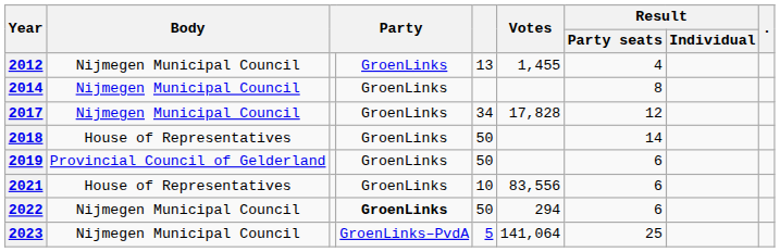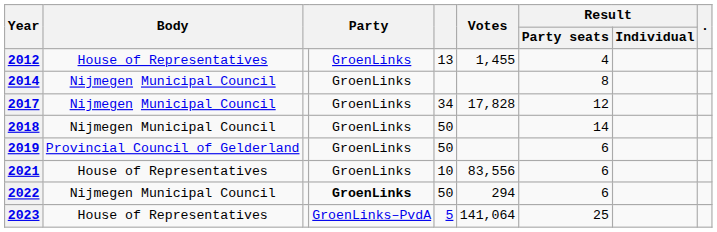 <table class="wikitable plainrowheaders sortable" border=2 cellpadding=4 cellspacing=0 style="border: 1px #aaa solid; font-size: 90%; text-align:center;">
 <tr>
 <th scope="col" rowspan=2>Year</th>
 <th scope="col" rowspan=2>Body</th>
 <th scope="col" colspan=2 rowspan=2>Party</th>
 <th scope="col" rowspan=2></th>
 <th scope="col" rowspan=2>Votes</th>
 <th scope="colgroup" colspan=2>Result</th>
 <th scope="col" rowspan=2 class="unsortable">.</th>
 </tr>
 <tr>
 <th scope="col">Party seats</th>
 <th scope="col">Individual</th>
 </tr>
 <tr>
 <th scope="row"><a href='#'>2012</a></th>
-<td>Nijmegen Municipal Council</td>
+<td><a href='#'>House of Representatives</a></td>
 <td style="background-color:"></td>
 <td><a href='#'>GroenLinks</a></td>
 <td style=text-align:right>13</td>
 <td style=text-align:right>1,455</td>
 <td style=text-align:right>4</td>
 <td></td>
 <td></td>
 </tr>
 <tr>
 <th scope="row"><a href='#'>2014</a></th>
 <td><a href='#'>Nijmegen</a> <a href='#'>Municipal Council</a></td>
 <td style="background-color:"></td>
 <td>GroenLinks</td>
 <td style=text-align:right></td>
 <td style=text-align:right></td>
 <td style=text-align:right>8</td>
 <td></td>
 <td></td>
 </tr>
 <tr>
 <th scope="row"><a href='#'>2017</a></th>
 <td><a href='#'>Nijmegen</a> <a href='#'>Municipal Council</a></td>
 <td style="background-color:"></td>
 <td>GroenLinks</td>
 <td style=text-align:right>34</td>
 <td style=text-align:right>17,828</td>
 <td style=text-align:right>12</td>
 <td></td>
 <td></td>
 </tr>
 <tr>
 <th scope="row"><a href='#'>2018</a></th>
-<td>House of Representatives</td>
+<td>Nijmegen Municipal Council</td>
 <td style="background-color:"></td>
 <td>GroenLinks</td>
 <td style=text-align:right>50</td>
 <td style=text-align:right></td>
 <td style=text-align:right>14</td>
 <td></td>
 <td></td>
 </tr>
 <tr>
 <th scope="row"><a href='#'>2019</a></th>
 <td><a href='#'>Provincial Council of Gelderland</a></td>
 <td style="background-color:"></td>
 <td>GroenLinks</td>
 <td style=text-align:right>50</td>
 <td style=text-align:right></td>
 <td style=text-align:right>6</td>
 <td></td>
 <td></td>
 </tr>
 <tr>
 <th scope="row"><a href='#'>2021</a></th>
 <td>House of Representatives</td>
 <td style="background-color:"></td>
 <td>GroenLinks</td>
 <td style=text-align:right>10</td>
 <td style=text-align:right>83,556</td>
 <td style=text-align:right>6</td>
 <td></td>
 <td></td>
 </tr>
 <tr>
 <th scope="row"><a href='#'>2022</a></th>
 <td>Nijmegen Municipal Council</td>
 <td style="background-color:"></td>
 <td><strong>GroenLinks</strong></td>
 <td style=text-align:right>50</td>
 <td style=text-align:right>294</td>
 <td style=text-align:right>6</td>
 <td></td>
 <td></td>
 </tr>
 <tr>
 <th scope="row"><a href='#'>2023</a></th>
-<td>Nijmegen Municipal Council</td>
+<td>House of Representatives</td>
 <td style="background-color:"></td>
 <td><a href='#'>GroenLinks–PvdA</a></td>
 <td style=text-align:right><a href='#'>5</a></td>
 <td style=text-align:right>141,064</td>
 <td style=text-align:right>25</td>
 <td></td>
 <td></td>
 </tr>
 </table>
